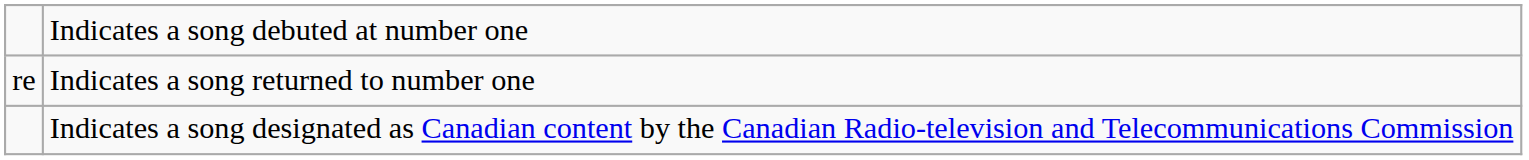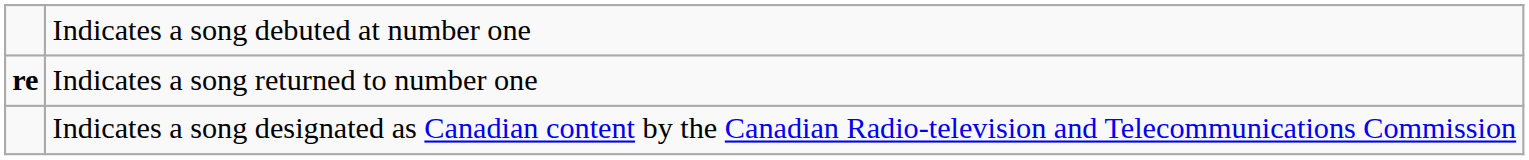 <table class="wikitable" style="font-size:90%;">
 <tr>
 <td style="text-align:center;"></td>
 <td>Indicates a song debuted at number one</td>
 </tr>
 <tr>
-<td style="text-align:center;">re</td>
+<td style="text-align:center;"><strong>re</strong></td>
 <td>Indicates a song returned to number one</td>
 </tr>
 <tr>
 <td></td>
 <td>Indicates a song designated as <a href='#'>Canadian content</a> by the <a href='#'>Canadian Radio-television and Telecommunications Commission</a></td>
 </tr>
 </table>
